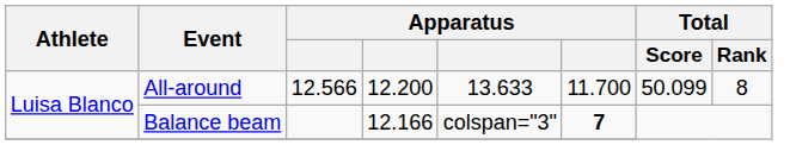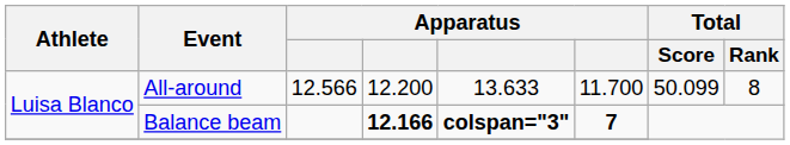 <table class=wikitable style=font-size:90%;text-align:center>
 <tr>
 <th rowspan=2>Athlete</th>
 <th rowspan=2>Event</th>
 <th colspan=4>Apparatus</th>
 <th colspan=2>Total</th>
 </tr>
 <tr style=font-size:95%>
 <th></th>
 <th></th>
 <th></th>
 <th></th>
 <th>Score</th>
 <th>Rank</th>
 </tr>
 <tr>
 <td align=left rowspan="2"><a href='#'>Luisa Blanco</a></td>
 <td align=left><a href='#'>All-around</a></td>
 <td>12.566</td>
 <td>12.200</td>
 <td>13.633</td>
 <td>11.700</td>
 <td>50.099</td>
 <td>8</td>
 </tr>
 <tr>
 <td align=left><a href='#'>Balance beam</a></td>
 <td></td>
-<td>12.166</td>
-<td>colspan="3" </td>
+<td><strong>12.166</strong></td>
+<td><strong>colspan="3" </strong></td>
 <td><strong>7</strong></td>
 </tr>
 <tr>
 </tr>
 </table>
